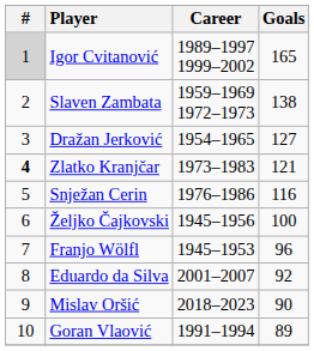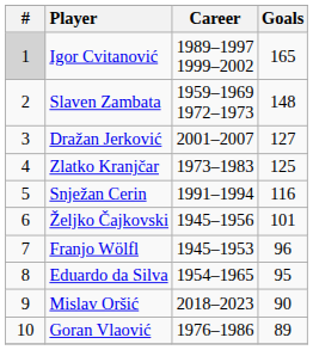 <table class="wikitable" style="text-align:center;">
 <tr>
 </tr>
 <tr>
 <th width=30px>#</th>
 <th style="text-align:left">Player</th>
 <th>Career</th>
 <th width=30px>Goals</th>
 </tr>
 <tr>
 <td style="background: lightgrey;">1</td>
 <td align="left"><a href='#'>Igor Cvitanović</a></td>
 <td>1989–1997<br>1999–2002</td>
 <td>165</td>
 </tr>
 <tr>
 <td>2</td>
 <td align="left"><a href='#'>Slaven Zambata</a></td>
 <td>1959–1969<br>1972–1973</td>
-<td>138</td>
+<td>148</td>
 </tr>
 <tr>
 <td>3</td>
 <td align="left"><a href='#'>Dražan Jerković</a></td>
-<td>1954–1965</td>
+<td>2001–2007</td>
 <td>127</td>
 </tr>
 <tr>
-<td><strong>4</strong></td>
+<td>4</td>
 <td align="left"><a href='#'>Zlatko Kranjčar</a></td>
 <td>1973–1983</td>
-<td>121</td>
+<td>125</td>
 </tr>
 <tr>
 <td>5</td>
 <td align="left"><a href='#'>Snježan Cerin</a></td>
-<td>1976–1986</td>
+<td>1991–1994</td>
 <td>116</td>
 </tr>
 <tr>
 <td>6</td>
 <td align="left"><a href='#'>Željko Čajkovski</a></td>
 <td>1945–1956</td>
-<td>100</td>
+<td>101</td>
 </tr>
 <tr>
 <td>7</td>
 <td align="left"><a href='#'>Franjo Wölfl</a></td>
 <td>1945–1953</td>
 <td>96</td>
 </tr>
 <tr>
 <td>8</td>
 <td align="left"><a href='#'>Eduardo da Silva</a></td>
-<td>2001–2007</td>
-<td>92</td>
+<td>1954–1965</td>
+<td>95</td>
 </tr>
 <tr>
 <td>9</td>
 <td align="left"><a href='#'>Mislav Oršić</a></td>
 <td>2018–2023</td>
 <td>90</td>
 </tr>
 <tr>
 <td>10</td>
 <td align="left"><a href='#'>Goran Vlaović</a></td>
-<td>1991–1994</td>
+<td>1976–1986</td>
 <td>89</td>
 </tr>
 <tr>
 </tr>
 </table>
